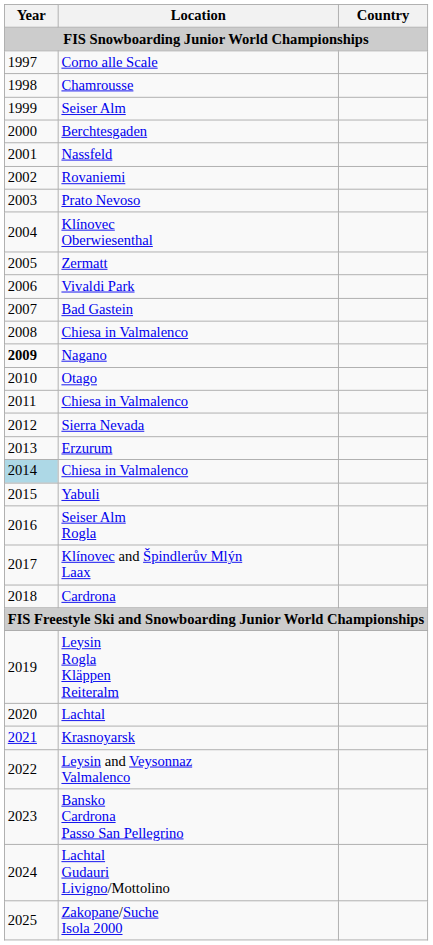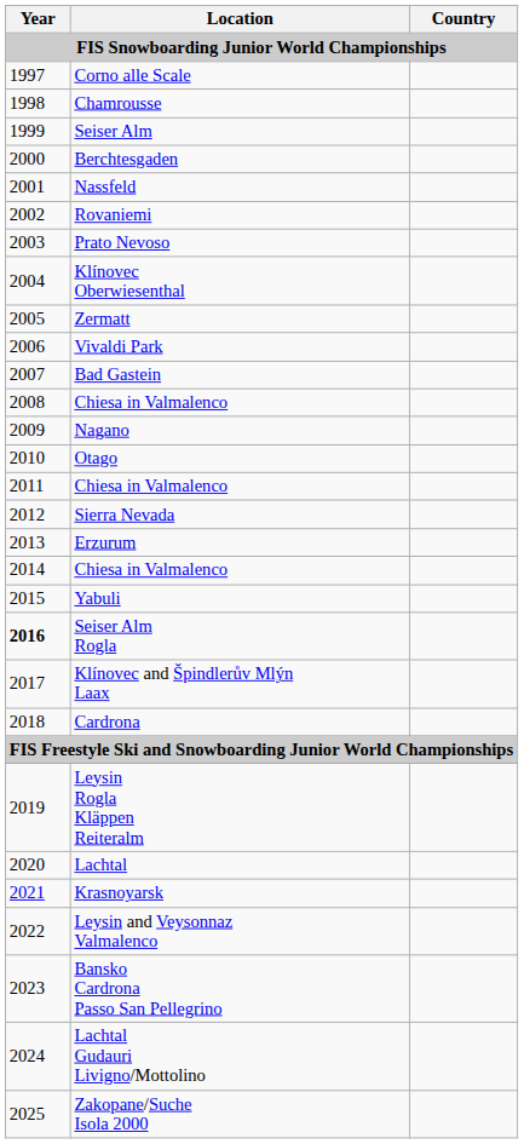 <table class="wikitable sortable">
 <tr>
 <th>Year</th>
 <th>Location</th>
 <th>Country</th>
 </tr>
 <tr>
 <td colspan="3" bgcolor="#cccccc"align=center><strong>FIS Snowboarding Junior World Championships</strong></td>
 </tr>
 <tr>
 <td>1997</td>
 <td><a href='#'>Corno alle Scale</a></td>
 <td></td>
 </tr>
 <tr>
 <td>1998</td>
 <td><a href='#'>Chamrousse</a></td>
 <td></td>
 </tr>
 <tr>
 <td>1999</td>
 <td><a href='#'>Seiser Alm</a></td>
 <td></td>
 </tr>
 <tr>
 <td>2000</td>
 <td><a href='#'>Berchtesgaden</a></td>
 <td></td>
 </tr>
 <tr>
 <td>2001</td>
 <td><a href='#'>Nassfeld</a></td>
 <td></td>
 </tr>
 <tr>
 <td>2002</td>
 <td><a href='#'>Rovaniemi</a></td>
 <td></td>
 </tr>
 <tr>
 <td>2003</td>
 <td><a href='#'>Prato Nevoso</a></td>
 <td></td>
 </tr>
 <tr>
 <td>2004</td>
 <td><a href='#'>Klínovec</a><br><a href='#'>Oberwiesenthal</a></td>
 <td><br></td>
 </tr>
 <tr>
 <td>2005</td>
 <td><a href='#'>Zermatt</a></td>
 <td></td>
 </tr>
 <tr>
 <td>2006</td>
 <td><a href='#'>Vivaldi Park</a></td>
 <td></td>
 </tr>
 <tr>
 <td>2007</td>
 <td><a href='#'>Bad Gastein</a></td>
 <td></td>
 </tr>
 <tr>
 <td>2008</td>
 <td><a href='#'>Chiesa in Valmalenco</a></td>
 <td></td>
 </tr>
 <tr>
-<td><strong>2009</strong></td>
+<td>2009</td>
 <td><a href='#'>Nagano</a></td>
 <td></td>
 </tr>
 <tr>
 <td>2010</td>
 <td><a href='#'>Otago</a></td>
 <td></td>
 </tr>
 <tr>
 <td>2011</td>
 <td><a href='#'>Chiesa in Valmalenco</a></td>
 <td></td>
 </tr>
 <tr>
 <td>2012</td>
 <td><a href='#'>Sierra Nevada</a></td>
 <td></td>
 </tr>
 <tr>
 <td>2013</td>
 <td><a href='#'>Erzurum</a></td>
 <td></td>
 </tr>
 <tr>
-<td style="background: lightblue;">2014</td>
+<td>2014</td>
 <td><a href='#'>Chiesa in Valmalenco</a></td>
 <td></td>
 </tr>
 <tr>
 <td>2015</td>
 <td><a href='#'>Yabuli</a></td>
 <td></td>
 </tr>
 <tr>
-<td>2016</td>
+<td><strong>2016</strong></td>
 <td><a href='#'>Seiser Alm</a><br><a href='#'>Rogla</a></td>
 <td><br></td>
 </tr>
 <tr>
 <td>2017</td>
 <td><a href='#'>Klínovec</a> and <a href='#'>Špindlerův Mlýn</a><br><a href='#'>Laax</a></td>
 <td><br></td>
 </tr>
 <tr>
 <td>2018</td>
 <td><a href='#'>Cardrona</a></td>
 <td></td>
 </tr>
 <tr>
 <td colspan="3" bgcolor="#cccccc"align=center><strong>FIS Freestyle Ski and Snowboarding Junior World Championships</strong></td>
 </tr>
 <tr>
 <td>2019</td>
 <td><a href='#'>Leysin</a><br><a href='#'>Rogla</a><br><a href='#'>Kläppen</a><br><a href='#'>Reiteralm</a></td>
 <td><br><br><br></td>
 </tr>
 <tr>
 <td>2020</td>
 <td><a href='#'>Lachtal</a></td>
 <td></td>
 </tr>
 <tr>
 <td><a href='#'>2021</a></td>
 <td><a href='#'>Krasnoyarsk</a></td>
 <td></td>
 </tr>
 <tr>
 <td>2022</td>
 <td><a href='#'>Leysin</a> and <a href='#'>Veysonnaz</a><br><a href='#'>Valmalenco</a></td>
 <td><br></td>
 </tr>
 <tr>
 <td>2023</td>
 <td><a href='#'>Bansko</a><br><a href='#'>Cardrona</a><br><a href='#'>Passo San Pellegrino</a></td>
 <td><br><br></td>
 </tr>
 <tr>
 <td>2024</td>
 <td><a href='#'>Lachtal</a><br><a href='#'>Gudauri</a><br><a href='#'>Livigno</a>/Mottolino</td>
 <td><br><br></td>
 </tr>
 <tr>
 <td>2025</td>
 <td><a href='#'>Zakopane</a>/<a href='#'>Suche</a><br><a href='#'>Isola 2000</a></td>
 <td><br></td>
 </tr>
 </table>
